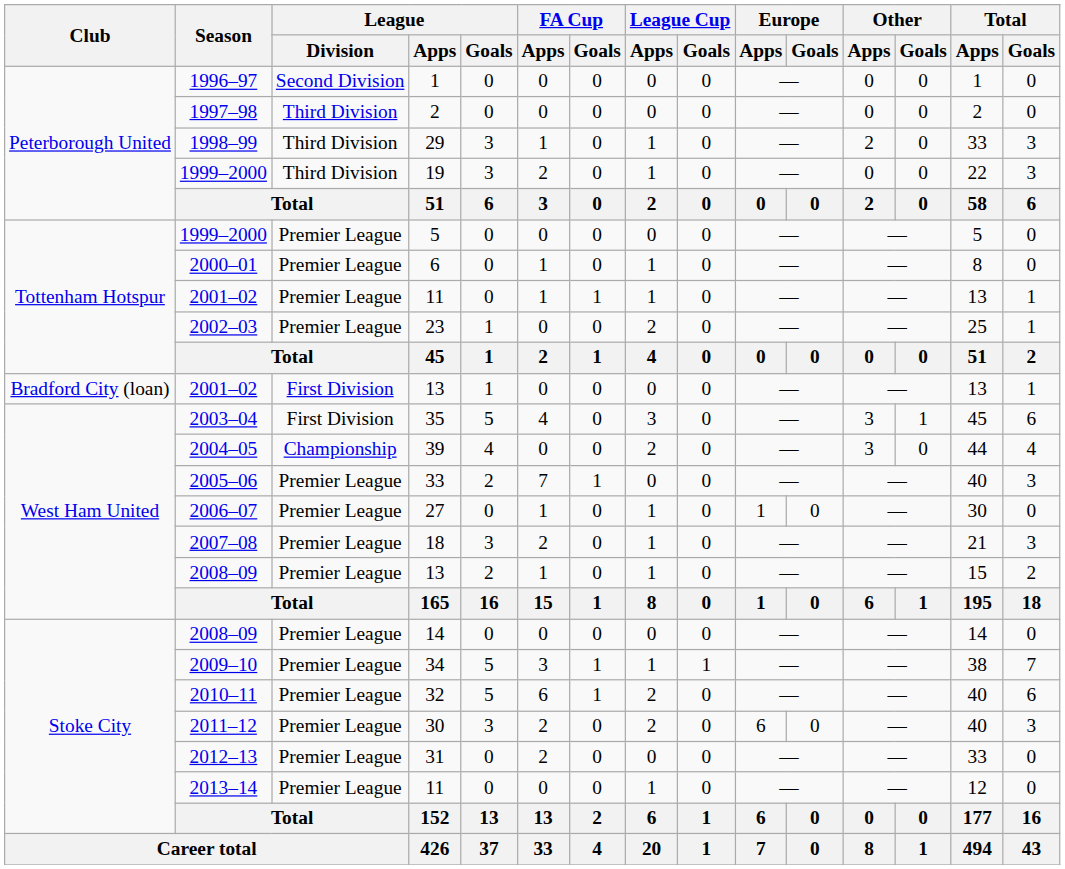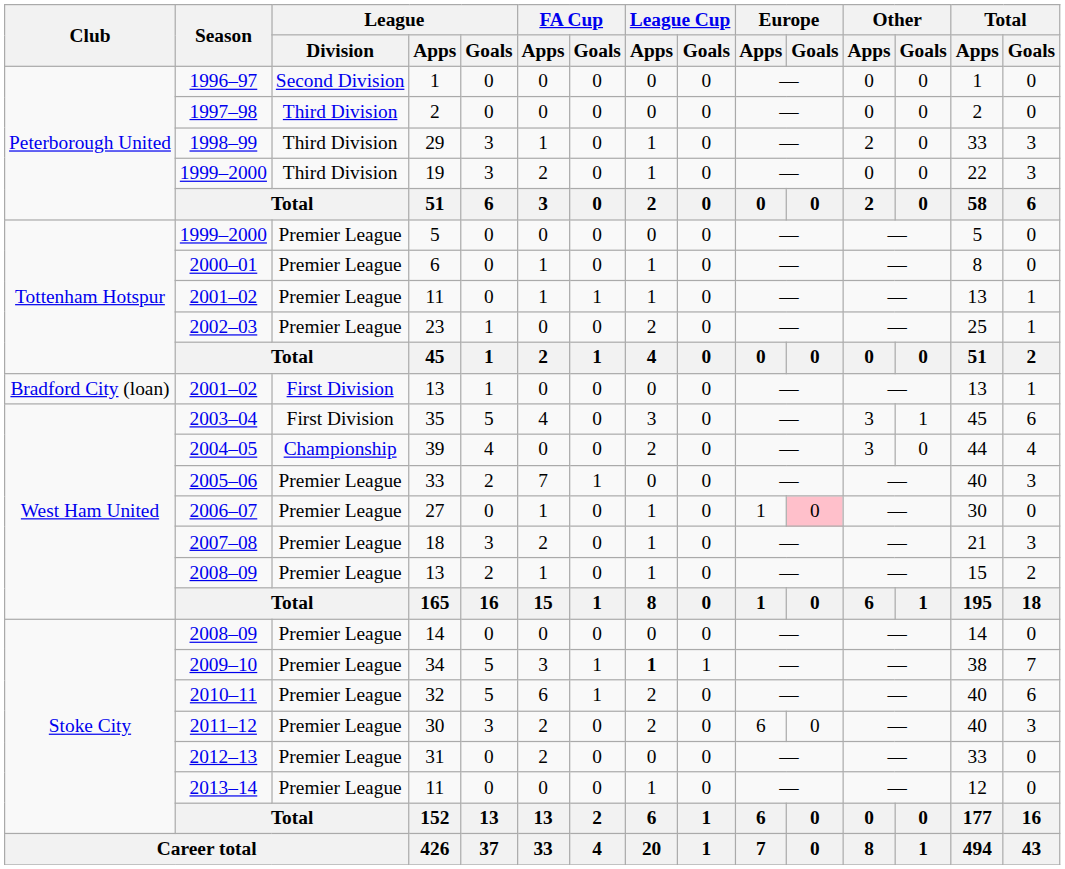 <table class="wikitable" style="text-align:center">
 <tr>
 <th rowspan="2">Club</th>
 <th rowspan="2">Season</th>
 <th colspan="3">League</th>
 <th colspan="2"><a href='#'>FA Cup</a></th>
 <th colspan="2"><a href='#'>League Cup</a></th>
 <th colspan="2">Europe</th>
 <th colspan="2">Other</th>
 <th colspan="2">Total</th>
 </tr>
 <tr>
 <th>Division</th>
 <th>Apps</th>
 <th>Goals</th>
 <th>Apps</th>
 <th>Goals</th>
 <th>Apps</th>
 <th>Goals</th>
 <th>Apps</th>
 <th>Goals</th>
 <th>Apps</th>
 <th>Goals</th>
 <th>Apps</th>
 <th>Goals</th>
 </tr>
 <tr>
 <td rowspan="5"><a href='#'>Peterborough United</a></td>
 <td><a href='#'>1996–97</a></td>
 <td><a href='#'>Second Division</a></td>
 <td>1</td>
 <td>0</td>
 <td>0</td>
 <td>0</td>
 <td>0</td>
 <td>0</td>
 <td colspan="2">—</td>
 <td>0</td>
 <td>0</td>
 <td>1</td>
 <td>0</td>
 </tr>
 <tr>
 <td><a href='#'>1997–98</a></td>
 <td><a href='#'>Third Division</a></td>
 <td>2</td>
 <td>0</td>
 <td>0</td>
 <td>0</td>
 <td>0</td>
 <td>0</td>
 <td colspan="2">—</td>
 <td>0</td>
 <td>0</td>
 <td>2</td>
 <td>0</td>
 </tr>
 <tr>
 <td><a href='#'>1998–99</a></td>
 <td>Third Division</td>
 <td>29</td>
 <td>3</td>
 <td>1</td>
 <td>0</td>
 <td>1</td>
 <td>0</td>
 <td colspan="2">—</td>
 <td>2</td>
 <td>0</td>
 <td>33</td>
 <td>3</td>
 </tr>
 <tr>
 <td><a href='#'>1999–2000</a></td>
 <td>Third Division</td>
 <td>19</td>
 <td>3</td>
 <td>2</td>
 <td>0</td>
 <td>1</td>
 <td>0</td>
 <td colspan="2">—</td>
 <td>0</td>
 <td>0</td>
 <td>22</td>
 <td>3</td>
 </tr>
 <tr>
 <th colspan="2">Total</th>
 <th>51</th>
 <th>6</th>
 <th>3</th>
 <th>0</th>
 <th>2</th>
 <th>0</th>
 <th>0</th>
 <th>0</th>
 <th>2</th>
 <th>0</th>
 <th>58</th>
 <th>6</th>
 </tr>
 <tr>
 <td rowspan="5"><a href='#'>Tottenham Hotspur</a></td>
 <td><a href='#'>1999–2000</a></td>
 <td>Premier League</td>
 <td>5</td>
 <td>0</td>
 <td>0</td>
 <td>0</td>
 <td>0</td>
 <td>0</td>
 <td colspan="2">—</td>
 <td colspan="2">—</td>
 <td>5</td>
 <td>0</td>
 </tr>
 <tr>
 <td><a href='#'>2000–01</a></td>
 <td>Premier League</td>
 <td>6</td>
 <td>0</td>
 <td>1</td>
 <td>0</td>
 <td>1</td>
 <td>0</td>
 <td colspan="2">—</td>
 <td colspan="2">—</td>
 <td>8</td>
 <td>0</td>
 </tr>
 <tr>
 <td><a href='#'>2001–02</a></td>
 <td>Premier League</td>
 <td>11</td>
 <td>0</td>
 <td>1</td>
 <td>1</td>
 <td>1</td>
 <td>0</td>
 <td colspan="2">—</td>
 <td colspan="2">—</td>
 <td>13</td>
 <td>1</td>
 </tr>
 <tr>
 <td><a href='#'>2002–03</a></td>
 <td>Premier League</td>
 <td>23</td>
 <td>1</td>
 <td>0</td>
 <td>0</td>
 <td>2</td>
 <td>0</td>
 <td colspan="2">—</td>
 <td colspan="2">—</td>
 <td>25</td>
 <td>1</td>
 </tr>
 <tr>
 <th colspan="2">Total</th>
 <th>45</th>
 <th>1</th>
 <th>2</th>
 <th>1</th>
 <th>4</th>
 <th>0</th>
 <th>0</th>
 <th>0</th>
 <th>0</th>
 <th>0</th>
 <th>51</th>
 <th>2</th>
 </tr>
 <tr>
 <td><a href='#'>Bradford City</a> (loan)</td>
 <td><a href='#'>2001–02</a></td>
 <td><a href='#'>First Division</a></td>
 <td>13</td>
 <td>1</td>
 <td>0</td>
 <td>0</td>
 <td>0</td>
 <td>0</td>
 <td colspan="2">—</td>
 <td colspan="2">—</td>
 <td>13</td>
 <td>1</td>
 </tr>
 <tr>
 <td rowspan="7"><a href='#'>West Ham United</a></td>
 <td><a href='#'>2003–04</a></td>
 <td>First Division</td>
 <td>35</td>
 <td>5</td>
 <td>4</td>
 <td>0</td>
 <td>3</td>
 <td>0</td>
 <td colspan="2">—</td>
 <td>3</td>
 <td>1</td>
 <td>45</td>
 <td>6</td>
 </tr>
 <tr>
 <td><a href='#'>2004–05</a></td>
 <td><a href='#'>Championship</a></td>
 <td>39</td>
 <td>4</td>
 <td>0</td>
 <td>0</td>
 <td>2</td>
 <td>0</td>
 <td colspan="2">—</td>
 <td>3</td>
 <td>0</td>
 <td>44</td>
 <td>4</td>
 </tr>
 <tr>
 <td><a href='#'>2005–06</a></td>
 <td>Premier League</td>
 <td>33</td>
 <td>2</td>
 <td>7</td>
 <td>1</td>
 <td>0</td>
 <td>0</td>
 <td colspan="2">—</td>
 <td colspan="2">—</td>
 <td>40</td>
 <td>3</td>
 </tr>
 <tr>
 <td><a href='#'>2006–07</a></td>
 <td>Premier League</td>
 <td>27</td>
 <td>0</td>
 <td>1</td>
 <td>0</td>
 <td>1</td>
 <td>0</td>
 <td>1</td>
-<td>0</td>
+<td style="background: pink;">0</td>
 <td colspan="2">—</td>
 <td>30</td>
 <td>0</td>
 </tr>
 <tr>
 <td><a href='#'>2007–08</a></td>
 <td>Premier League</td>
 <td>18</td>
 <td>3</td>
 <td>2</td>
 <td>0</td>
 <td>1</td>
 <td>0</td>
 <td colspan="2">—</td>
 <td colspan="2">—</td>
 <td>21</td>
 <td>3</td>
 </tr>
 <tr>
 <td><a href='#'>2008–09</a></td>
 <td>Premier League</td>
 <td>13</td>
 <td>2</td>
 <td>1</td>
 <td>0</td>
 <td>1</td>
 <td>0</td>
 <td colspan="2">—</td>
 <td colspan="2">—</td>
 <td>15</td>
 <td>2</td>
 </tr>
 <tr>
 <th colspan="2">Total</th>
 <th>165</th>
 <th>16</th>
 <th>15</th>
 <th>1</th>
 <th>8</th>
 <th>0</th>
 <th>1</th>
 <th>0</th>
 <th>6</th>
 <th>1</th>
 <th>195</th>
 <th>18</th>
 </tr>
 <tr>
 <td rowspan="7"><a href='#'>Stoke City</a></td>
 <td><a href='#'>2008–09</a></td>
 <td>Premier League</td>
 <td>14</td>
 <td>0</td>
 <td>0</td>
 <td>0</td>
 <td>0</td>
 <td>0</td>
 <td colspan="2">—</td>
 <td colspan="2">—</td>
 <td>14</td>
 <td>0</td>
 </tr>
 <tr>
 <td><a href='#'>2009–10</a></td>
 <td>Premier League</td>
 <td>34</td>
 <td>5</td>
 <td>3</td>
 <td>1</td>
-<td>1</td>
+<td><strong>1</strong></td>
 <td>1</td>
 <td colspan="2">—</td>
 <td colspan="2">—</td>
 <td>38</td>
 <td>7</td>
 </tr>
 <tr>
 <td><a href='#'>2010–11</a></td>
 <td>Premier League</td>
 <td>32</td>
 <td>5</td>
 <td>6</td>
 <td>1</td>
 <td>2</td>
 <td>0</td>
 <td colspan="2">—</td>
 <td colspan="2">—</td>
 <td>40</td>
 <td>6</td>
 </tr>
 <tr>
 <td><a href='#'>2011–12</a></td>
 <td>Premier League</td>
 <td>30</td>
 <td>3</td>
 <td>2</td>
 <td>0</td>
 <td>2</td>
 <td>0</td>
 <td>6</td>
 <td>0</td>
 <td colspan="2">—</td>
 <td>40</td>
 <td>3</td>
 </tr>
 <tr>
 <td><a href='#'>2012–13</a></td>
 <td>Premier League</td>
 <td>31</td>
 <td>0</td>
 <td>2</td>
 <td>0</td>
 <td>0</td>
 <td>0</td>
 <td colspan="2">—</td>
 <td colspan="2">—</td>
 <td>33</td>
 <td>0</td>
 </tr>
 <tr>
 <td><a href='#'>2013–14</a></td>
 <td>Premier League</td>
 <td>11</td>
 <td>0</td>
 <td>0</td>
 <td>0</td>
 <td>1</td>
 <td>0</td>
 <td colspan="2">—</td>
 <td colspan="2">—</td>
 <td>12</td>
 <td>0</td>
 </tr>
 <tr>
 <th colspan="2">Total</th>
 <th>152</th>
 <th>13</th>
 <th>13</th>
 <th>2</th>
 <th>6</th>
 <th>1</th>
 <th>6</th>
 <th>0</th>
 <th>0</th>
 <th>0</th>
 <th>177</th>
 <th>16</th>
 </tr>
 <tr>
 <th colspan="3">Career total</th>
 <th>426</th>
 <th>37</th>
 <th>33</th>
 <th>4</th>
 <th>20</th>
 <th>1</th>
 <th>7</th>
 <th>0</th>
 <th>8</th>
 <th>1</th>
 <th>494</th>
 <th>43</th>
 </tr>
 </table>
